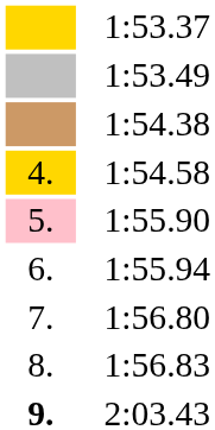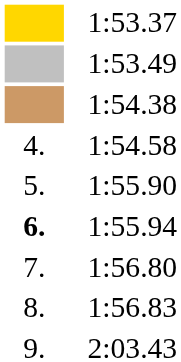 <table style="text-align:center">
 <tr>
 <td width=30 bgcolor=gold></td>
 <td align=left></td>
 <td width=60>1:53.37</td>
 </tr>
 <tr>
 <td bgcolor=silver></td>
 <td align=left></td>
 <td>1:53.49</td>
 </tr>
 <tr>
 <td bgcolor=cc9966></td>
 <td align=left></td>
 <td>1:54.38</td>
 </tr>
 <tr>
-<td style="background: gold;">4.</td>
+<td>4.</td>
 <td align=left></td>
 <td>1:54.58</td>
 </tr>
 <tr>
-<td style="background: pink;">5.</td>
+<td>5.</td>
 <td align=left></td>
 <td>1:55.90</td>
 </tr>
 <tr>
-<td>6.</td>
+<td><strong>6.</strong></td>
 <td align=left></td>
 <td>1:55.94</td>
 </tr>
 <tr>
 <td>7.</td>
 <td align=left></td>
 <td>1:56.80</td>
 </tr>
 <tr>
 <td>8.</td>
 <td align=left></td>
 <td>1:56.83</td>
 </tr>
 <tr>
-<td><strong>9.</strong></td>
+<td>9.</td>
 <td align=left></td>
 <td>2:03.43</td>
 </tr>
 </table>
